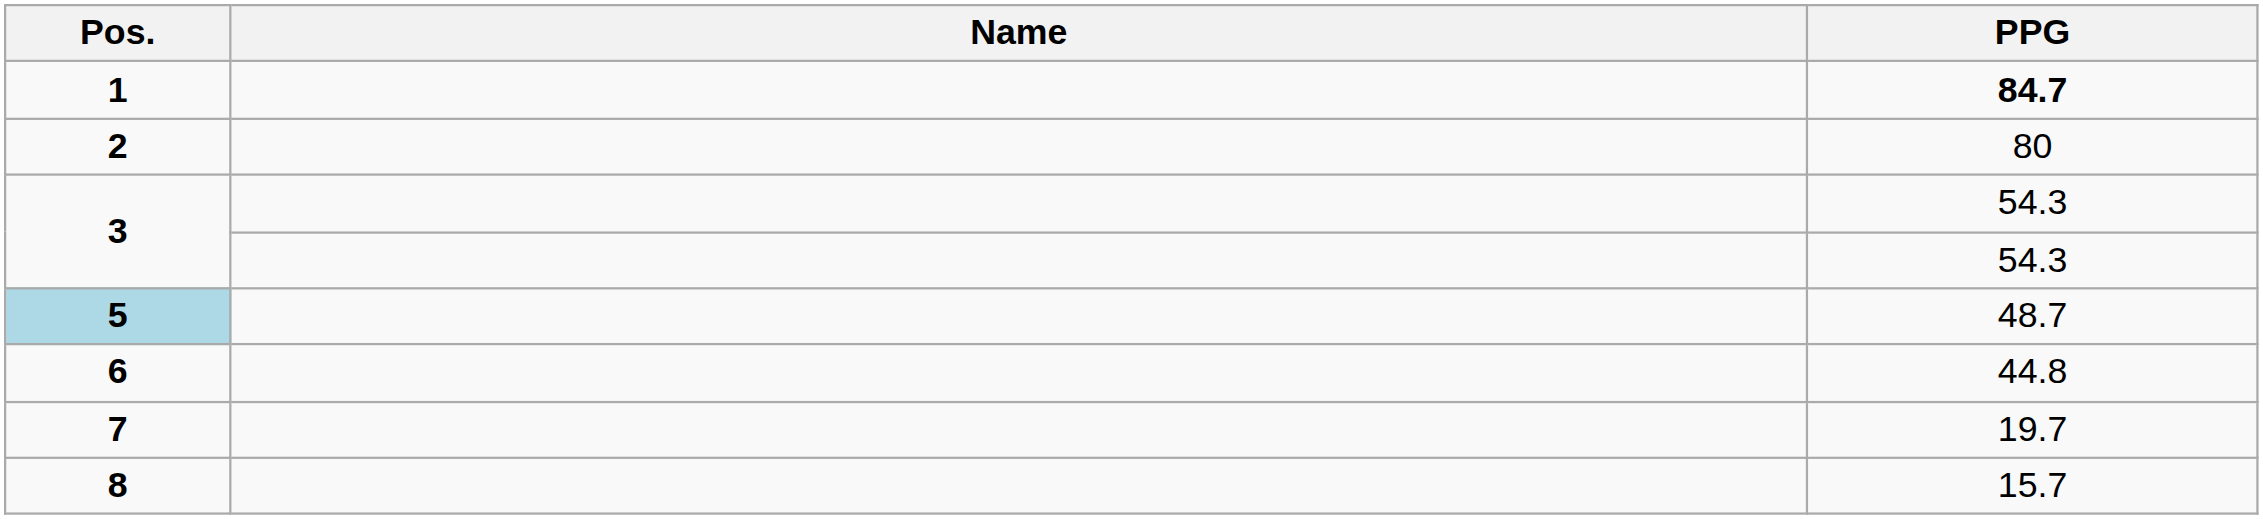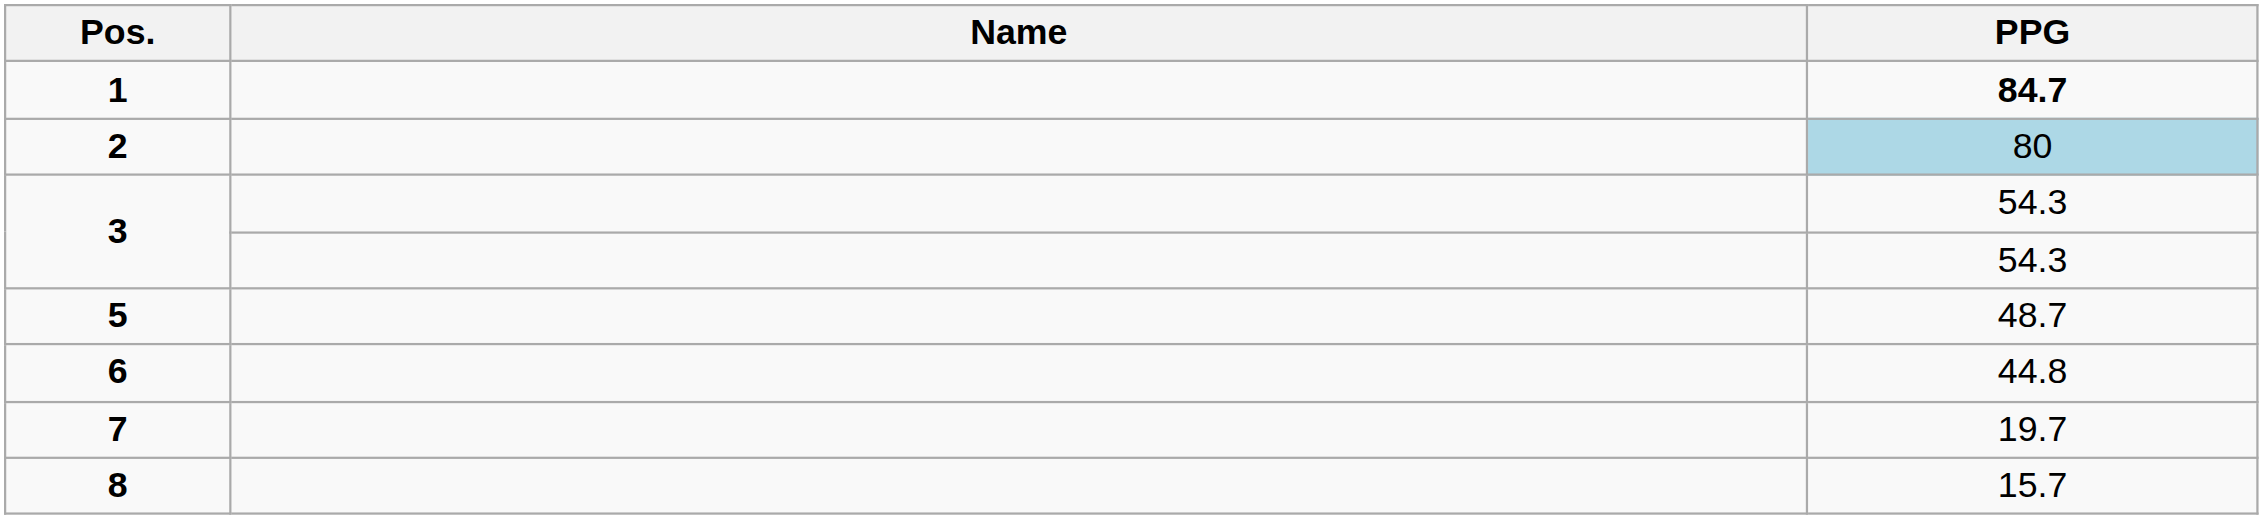 <table class="wikitable" style="width:80%;">
 <tr>
 <th style="width:10%;">Pos.</th>
 <th style="width:70%;">Name</th>
 <th style="width:20%;">PPG</th>
 </tr>
 <tr>
 <td align=center><strong>1</strong></td>
 <td><strong></strong></td>
 <td align=center><strong>84.7</strong></td>
 </tr>
 <tr>
 <td align=center><strong>2</strong></td>
 <td></td>
-<td align=center>80</td>
+<td align=center style="background: lightblue;">80</td>
 </tr>
 <tr>
 <td align=center rowspan=2><strong>3</strong></td>
 <td></td>
 <td align=center>54.3</td>
 </tr>
 <tr>
 <td></td>
 <td align=center>54.3</td>
 </tr>
 <tr>
-<td align=center style="background: lightblue;"><strong>5</strong></td>
+<td align=center><strong>5</strong></td>
 <td></td>
 <td align=center>48.7</td>
 </tr>
 <tr>
 <td align=center><strong>6</strong></td>
 <td></td>
 <td align=center>44.8</td>
 </tr>
 <tr>
 <td align=center><strong>7</strong></td>
 <td></td>
 <td align=center>19.7</td>
 </tr>
 <tr>
 <td align=center><strong>8</strong></td>
 <td></td>
 <td align=center>15.7</td>
 </tr>
 </table>
